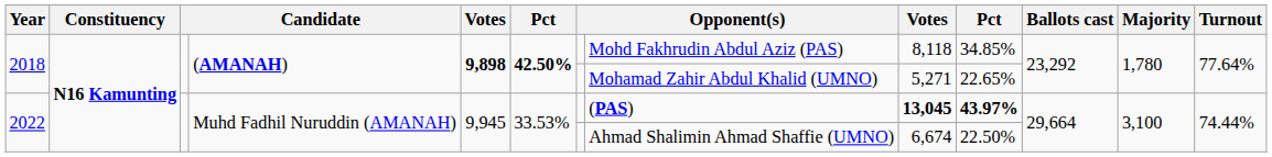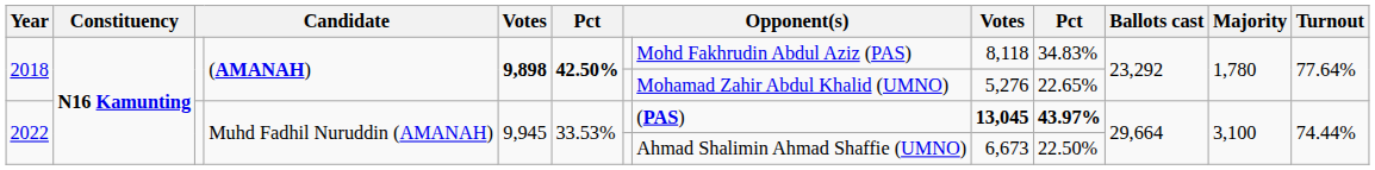 <table class="wikitable" style="margin:0.5em ; font-size:95%">
 <tr>
 <th>Year</th>
 <th>Constituency</th>
 <th colspan=2>Candidate</th>
 <th>Votes</th>
 <th>Pct</th>
 <th colspan=2>Opponent(s)</th>
 <th>Votes</th>
 <th>Pct</th>
 <th>Ballots cast</th>
 <th>Majority</th>
 <th>Turnout</th>
 </tr>
 <tr>
 <td rowspan=2><a href='#'>2018</a></td>
 <td rowspan=4><strong>N16 <a href='#'>Kamunting</a></strong></td>
 <td rowspan=2 ></td>
 <td rowspan=2> (<a href='#'><strong>AMANAH</strong></a>)</td>
 <td rowspan=2 align=right><strong>9,898</strong></td>
 <td rowspan=2><strong>42.50%</strong></td>
 <td></td>
 <td><a href='#'>Mohd Fakhrudin Abdul Aziz</a> (<a href='#'>PAS</a>)</td>
 <td align=right>8,118</td>
-<td>34.85%</td>
+<td>34.83%</td>
 <td rowspan="2">23,292</td>
 <td rowspan="2">1,780</td>
 <td rowspan="2">77.64%</td>
 </tr>
 <tr>
 <td></td>
 <td><a href='#'>Mohamad Zahir Abdul Khalid</a> (<a href='#'>UMNO</a>)</td>
-<td align=right>5,271</td>
+<td align=right>5,276</td>
 <td>22.65%</td>
 </tr>
 <tr>
 <td rowspan=2><a href='#'>2022</a></td>
 <td rowspan=2 ></td>
 <td rowspan=2>Muhd Fadhil Nuruddin (<a href='#'>AMANAH</a>)</td>
 <td rowspan=2 align=right>9,945</td>
 <td rowspan=2>33.53%</td>
 <td bgcolor=></td>
 <td> (<a href='#'><strong>PAS</strong></a>)</td>
 <td align=right><strong>13,045</strong></td>
 <td><strong>43.97%</strong></td>
 <td rowspan=2>29,664</td>
 <td rowspan=2>3,100</td>
 <td rowspan=2>74.44%</td>
 </tr>
 <tr>
 <td></td>
 <td>Ahmad Shalimin Ahmad Shaffie (<a href='#'>UMNO</a>)</td>
-<td align=right>6,674</td>
+<td align=right>6,673</td>
 <td>22.50%</td>
 </tr>
 </table>
